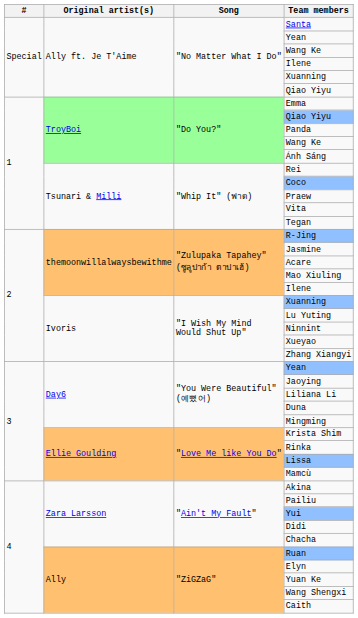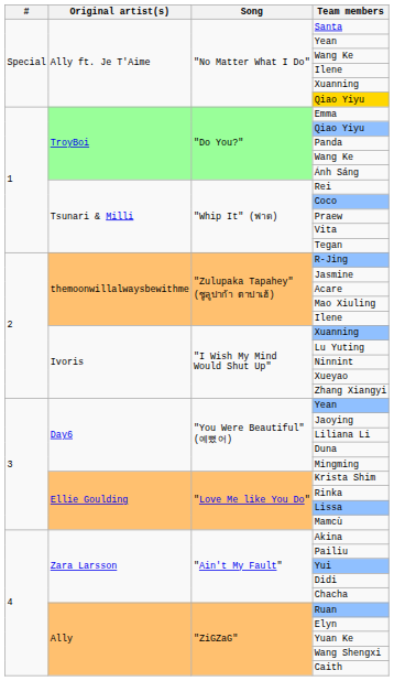 <table class="wikitable sortable" style="font-size: 85%; white-space: nowrap;">
 <tr>
 <th>#</th>
 <th>Original artist(s)</th>
 <th>Song</th>
 <th>Team members</th>
 </tr>
 <tr>
 <td rowspan="6">Special</td>
 <td rowspan="6">Ally ft. Je T'Aime</td>
 <td rowspan="6">"No Matter What I Do"</td>
 <td><a href='#'>Santa</a></td>
 </tr>
 <tr>
 <td>Yean</td>
 </tr>
 <tr>
 <td>Wang Ke</td>
 </tr>
 <tr>
 <td>Ilene</td>
 </tr>
 <tr>
 <td>Xuanning</td>
 </tr>
 <tr>
-<td>Qiao Yiyu</td>
+<td style="background: gold;">Qiao Yiyu</td>
 </tr>
 <tr>
 <td rowspan="10">1</td>
 <td rowspan="5" style="background:#99FF99"><a href='#'>TroyBoi</a></td>
 <td rowspan="5" style="background:#99FF99">"Do You?"</td>
 <td>Emma</td>
 </tr>
 <tr>
 <td style="background:#90C0FF">Qiao Yiyu</td>
 </tr>
 <tr>
 <td>Panda</td>
 </tr>
 <tr>
 <td>Wang Ke</td>
 </tr>
 <tr>
 <td>Ánh Sáng</td>
 </tr>
 <tr>
 <td rowspan="5">Tsunari & <a href='#'>Milli</a></td>
 <td rowspan="5">"Whip It" (ฟาด)</td>
 <td>Rei</td>
 </tr>
 <tr>
 <td style="background:#90C0FF">Coco</td>
 </tr>
 <tr>
 <td>Praew</td>
 </tr>
 <tr>
 <td>Vita</td>
 </tr>
 <tr>
 <td>Tegan</td>
 </tr>
 <tr>
 <td rowspan="10">2</td>
 <td rowspan="5" style="background:#FFC06F">themoonwillalwaysbewithme</td>
 <td rowspan="5" style="background:#FFC06F">"Zulupaka Tapahey"<br>(ซูลูปาก้า ตาปาเฮ้)</td>
 <td style="background:#90C0FF">R-Jing</td>
 </tr>
 <tr>
 <td>Jasmine</td>
 </tr>
 <tr>
 <td>Acare</td>
 </tr>
 <tr>
 <td>Mao Xiuling</td>
 </tr>
 <tr>
 <td>Ilene</td>
 </tr>
 <tr>
 <td rowspan="5">Ivoris</td>
 <td rowspan="5">"I Wish My Mind<br>Would Shut Up"</td>
 <td style="background:#90C0FF">Xuanning</td>
 </tr>
 <tr>
 <td>Lu Yuting</td>
 </tr>
 <tr>
 <td>Ninnint</td>
 </tr>
 <tr>
 <td>Xueyao</td>
 </tr>
 <tr>
 <td>Zhang Xiangyi</td>
 </tr>
 <tr>
 <td rowspan="9">3</td>
 <td rowspan="5"><a href='#'>Day6</a></td>
 <td rowspan="5">"You Were Beautiful"<br>(예뻤어)</td>
 <td style="background:#90C0FF">Yean</td>
 </tr>
 <tr>
 <td>Jaoying</td>
 </tr>
 <tr>
 <td>Liliana Li</td>
 </tr>
 <tr>
 <td>Duna</td>
 </tr>
 <tr>
 <td>Mingming</td>
 </tr>
 <tr>
 <td rowspan="4" style="background:#FFC06F"><a href='#'>Ellie Goulding</a></td>
 <td rowspan="4" style="background:#FFC06F">"<a href='#'>Love Me like You Do</a>"</td>
 <td>Krista Shim</td>
 </tr>
 <tr>
 <td>Rinka</td>
 </tr>
 <tr>
 <td style="background:#90C0FF">Lissa</td>
 </tr>
 <tr>
 <td>Mamcù</td>
 </tr>
 <tr>
 <td rowspan="10">4</td>
 <td rowspan="5"><a href='#'>Zara Larsson</a></td>
 <td rowspan="5">"<a href='#'>Ain't My Fault</a>"</td>
 <td>Akina</td>
 </tr>
 <tr>
 <td>Pailiu</td>
 </tr>
 <tr>
 <td style="background:#90C0FF">Yui</td>
 </tr>
 <tr>
 <td>Didi</td>
 </tr>
 <tr>
 <td>Chacha</td>
 </tr>
 <tr>
 <td rowspan="5" style="background:#FFC06F">Ally</td>
 <td rowspan="5" style="background:#FFC06F">"ZiGZaG"</td>
 <td style="background:#90C0FF">Ruan</td>
 </tr>
 <tr>
 <td>Elyn</td>
 </tr>
 <tr>
 <td>Yuan Ke</td>
 </tr>
 <tr>
 <td>Wang Shengxi</td>
 </tr>
 <tr>
 <td>Caith</td>
 </tr>
 </table>
